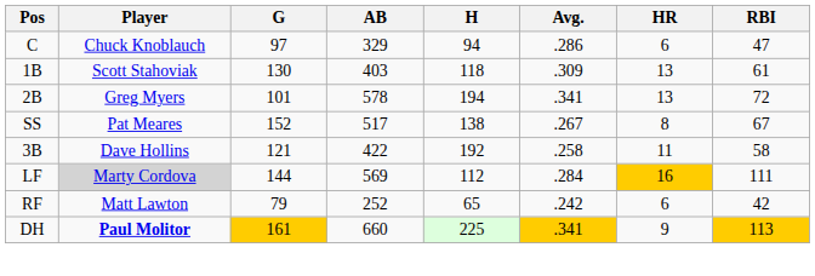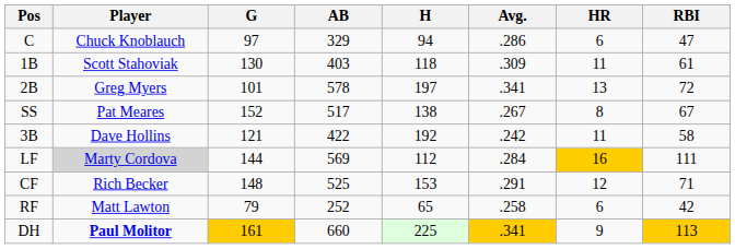 <table class="wikitable sortable">
 <tr>
 <th bgcolor="#DDDDFF" width="5%">Pos</th>
 <th bgcolor="#DDDDFF" width="16%">Player</th>
 <th bgcolor="#DDDDFF" width="9%">G</th>
 <th bgcolor="#DDDDFF" width="9%">AB</th>
 <th bgcolor="#DDDDFF" width="9%">H</th>
 <th bgcolor="#DDDDFF" width="9%">Avg.</th>
 <th bgcolor="#DDDDFF" width="9%">HR</th>
 <th bgcolor="#DDDDFF" width="9%">RBI</th>
 </tr>
 <tr align=center>
 <td>C</td>
 <td><a href='#'>Chuck Knoblauch</a></td>
 <td>97</td>
 <td>329</td>
 <td>94</td>
 <td>.286</td>
 <td>6</td>
 <td>47</td>
 </tr>
 <tr align=center>
 <td>1B</td>
 <td><a href='#'>Scott Stahoviak</a></td>
 <td>130</td>
 <td>403</td>
 <td>118</td>
 <td>.309</td>
-<td>13</td>
+<td>11</td>
 <td>61</td>
 </tr>
 <tr align=center>
 <td>2B</td>
 <td><a href='#'>Greg Myers</a></td>
 <td>101</td>
 <td>578</td>
-<td>194</td>
+<td>197</td>
 <td>.341</td>
 <td>13</td>
 <td>72</td>
 </tr>
 <tr align=center>
 <td>SS</td>
 <td><a href='#'>Pat Meares</a></td>
 <td>152</td>
 <td>517</td>
 <td>138</td>
 <td>.267</td>
 <td>8</td>
 <td>67</td>
 </tr>
 <tr align=center>
 <td>3B</td>
 <td><a href='#'>Dave Hollins</a></td>
 <td>121</td>
 <td>422</td>
 <td>192</td>
-<td>.258</td>
+<td>.242</td>
 <td>11</td>
 <td>58</td>
 </tr>
 <tr align=center>
 <td>LF</td>
 <td style="background: lightgrey;"><a href='#'>Marty Cordova</a></td>
 <td>144</td>
 <td>569</td>
 <td>112</td>
 <td>.284</td>
 <td style="background:#fc0;">16</td>
 <td>111</td>
 </tr>
 <tr align=center>
+<td>CF</td>
+<td><a href='#'>Rich Becker</a></td>
+<td>148</td>
+<td>525</td>
+<td>153</td>
+<td>.291</td>
+<td>12</td>
+<td>71</td>
+</tr>
+<tr align=center>
 <td>RF</td>
 <td><a href='#'>Matt Lawton</a></td>
 <td>79</td>
 <td>252</td>
 <td>65</td>
-<td>.242</td>
+<td>.258</td>
 <td>6</td>
 <td>42</td>
 </tr>
 <tr align=center>
 <td>DH</td>
 <td><strong><a href='#'>Paul Molitor</a></strong></td>
 <td style="background:#fc0;">161</td>
 <td>660</td>
 <td style="background:#DDFFDD;">225</td>
 <td style="background:#fc0;">.341</td>
 <td>9</td>
 <td style="background:#fc0;">113</td>
 </tr>
 </table>
